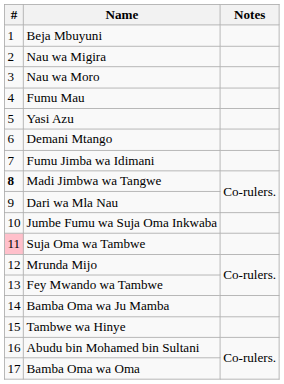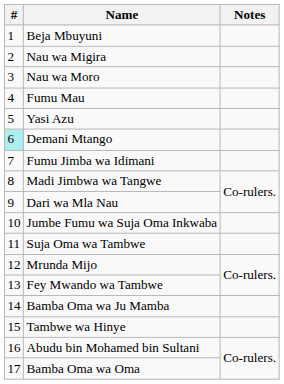 <table class="wikitable">
 <tr>
 <th>#</th>
 <th>Name</th>
 <th>Notes</th>
 </tr>
 <tr>
 <td>1</td>
 <td>Beja Mbuyuni</td>
 <td></td>
 </tr>
 <tr>
 <td>2</td>
 <td>Nau wa Migira</td>
 <td></td>
 </tr>
 <tr>
 <td>3</td>
 <td>Nau wa Moro</td>
 <td></td>
 </tr>
 <tr>
 <td>4</td>
 <td>Fumu Mau</td>
 <td></td>
 </tr>
 <tr>
 <td>5</td>
 <td>Yasi Azu</td>
 <td></td>
 </tr>
 <tr>
-<td>6</td>
+<td style="background: paleturquoise;">6</td>
 <td>Demani Mtango</td>
 <td></td>
 </tr>
 <tr>
 <td>7</td>
 <td>Fumu Jimba wa Idimani</td>
 <td></td>
 </tr>
 <tr>
-<td><strong>8</strong></td>
+<td>8</td>
 <td>Madi Jimbwa wa Tangwe</td>
 <td rowspan="2">Co-rulers.</td>
 </tr>
 <tr>
 <td>9</td>
 <td>Dari wa Mla Nau</td>
 </tr>
 <tr>
 <td>10</td>
 <td>Jumbe Fumu wa Suja Oma Inkwaba</td>
 <td></td>
 </tr>
 <tr>
-<td style="background: pink;">11</td>
+<td>11</td>
 <td>Suja Oma wa Tambwe</td>
 <td></td>
 </tr>
 <tr>
 <td>12</td>
 <td>Mrunda Mijo</td>
 <td rowspan="2">Co-rulers.</td>
 </tr>
 <tr>
 <td>13</td>
 <td>Fey Mwando wa Tambwe</td>
 </tr>
 <tr>
 <td>14</td>
 <td>Bamba Oma wa Ju Mamba</td>
 <td></td>
 </tr>
 <tr>
 <td>15</td>
 <td>Tambwe wa Hinye</td>
 <td></td>
 </tr>
 <tr>
 <td>16</td>
 <td>Abudu bin Mohamed bin Sultani</td>
 <td rowspan="2">Co-rulers.</td>
 </tr>
 <tr>
 <td>17</td>
 <td>Bamba Oma wa Oma</td>
 </tr>
 </table>
